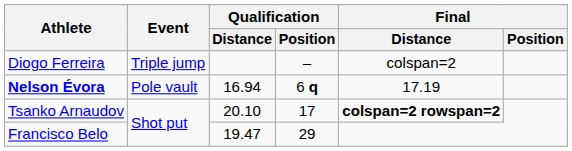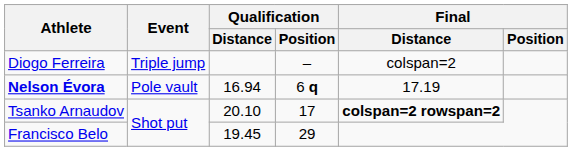 <table class=wikitable style="font-size:90%">
 <tr>
 <th rowspan="2">Athlete</th>
 <th rowspan="2">Event</th>
 <th colspan="2">Qualification</th>
 <th colspan="2">Final</th>
 </tr>
 <tr style="font-size:95%">
 <th>Distance</th>
 <th>Position</th>
 <th>Distance</th>
 <th>Position</th>
 </tr>
 <tr style=text-align:center>
 <td style=text-align:left><a href='#'>Diogo Ferreira</a></td>
 <td style=text-align:left><a href='#'>Triple jump</a></td>
 <td></td>
 <td>–</td>
 <td>colspan=2 </td>
 </tr>
 <tr style=text-align:center>
 <td style=text-align:left><strong><a href='#'>Nelson Évora</a></strong></td>
 <td style=text-align:left><a href='#'>Pole vault</a></td>
 <td>16.94</td>
 <td>6 <strong>q</strong></td>
 <td>17.19</td>
 <td></td>
 </tr>
 <tr style=text-align:center>
 <td style=text-align:left><a href='#'>Tsanko Arnaudov</a></td>
 <td style=text-align:left  rowspan=2><a href='#'>Shot put</a></td>
 <td>20.10</td>
 <td>17</td>
 <td><strong>colspan=2 rowspan=2 </strong></td>
 </tr>
 <tr style=text-align:center>
 <td style=text-align:left><a href='#'>Francisco Belo</a></td>
-<td>19.47</td>
+<td>19.45</td>
 <td>29</td>
 </tr>
 </table>
